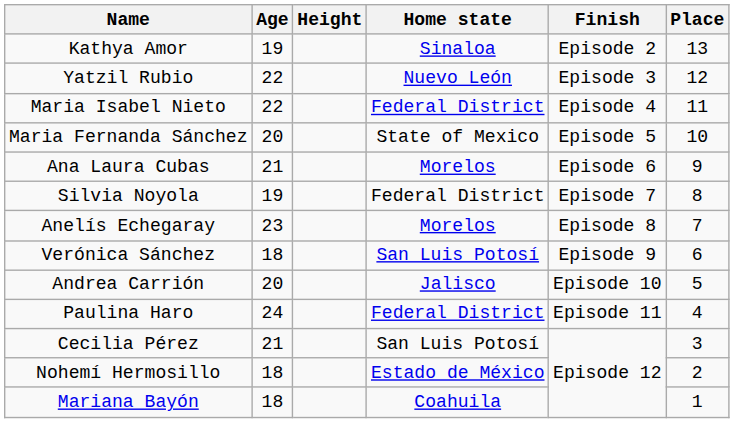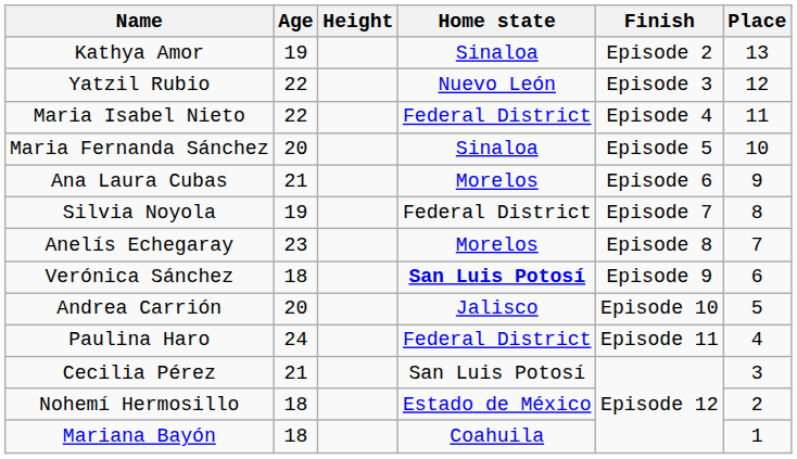 <table class="wikitable sortable" style="text-align:center;">
 <tr>
 <th>Name</th>
 <th>Age</th>
 <th>Height</th>
 <th>Home state</th>
 <th>Finish</th>
 <th>Place</th>
 </tr>
 <tr>
 <td>Kathya Amor</td>
 <td>19</td>
 <td></td>
 <td><a href='#'>Sinaloa</a></td>
 <td>Episode 2</td>
 <td>13</td>
 </tr>
 <tr>
 <td>Yatzil Rubio</td>
 <td>22</td>
 <td></td>
 <td><a href='#'>Nuevo León</a></td>
 <td>Episode 3</td>
 <td>12</td>
 </tr>
 <tr>
 <td>Maria Isabel Nieto</td>
 <td>22</td>
 <td></td>
 <td><a href='#'>Federal District</a></td>
 <td>Episode 4</td>
 <td>11</td>
 </tr>
 <tr>
 <td>Maria Fernanda Sánchez</td>
 <td>20</td>
 <td></td>
-<td>State of Mexico</td>
+<td><a href='#'>Sinaloa</a></td>
 <td>Episode 5</td>
 <td>10</td>
 </tr>
 <tr>
 <td>Ana Laura Cubas</td>
 <td>21</td>
 <td></td>
 <td><a href='#'>Morelos</a></td>
 <td>Episode 6</td>
 <td>9</td>
 </tr>
 <tr>
 <td>Silvia Noyola</td>
 <td>19</td>
 <td></td>
 <td>Federal District</td>
 <td>Episode 7</td>
 <td>8</td>
 </tr>
 <tr>
 <td>Anelís Echegaray</td>
 <td>23</td>
 <td></td>
 <td><a href='#'>Morelos</a></td>
 <td>Episode 8</td>
 <td>7</td>
 </tr>
 <tr>
 <td>Verónica Sánchez</td>
 <td>18</td>
 <td></td>
-<td><a href='#'>San Luis Potosí</a></td>
+<td><strong><a href='#'>San Luis Potosí</a></strong></td>
 <td>Episode 9</td>
 <td>6</td>
 </tr>
 <tr>
 <td>Andrea Carrión</td>
 <td>20</td>
 <td></td>
 <td><a href='#'>Jalisco</a></td>
 <td>Episode 10</td>
 <td>5</td>
 </tr>
 <tr>
 <td>Paulina Haro</td>
 <td>24</td>
 <td></td>
 <td><a href='#'>Federal District</a></td>
 <td>Episode 11</td>
 <td>4</td>
 </tr>
 <tr>
 <td>Cecilia Pérez</td>
 <td>21</td>
 <td></td>
 <td>San Luis Potosí</td>
 <td rowspan="3">Episode 12</td>
 <td>3</td>
 </tr>
 <tr>
 <td>Nohemí Hermosillo</td>
 <td>18</td>
 <td></td>
 <td><a href='#'>Estado de México </a></td>
 <td>2</td>
 </tr>
 <tr>
 <td><a href='#'>Mariana Bayón</a></td>
 <td>18</td>
 <td></td>
 <td><a href='#'>Coahuila</a></td>
 <td>1</td>
 </tr>
 </table>
